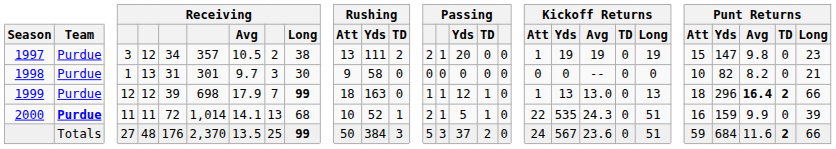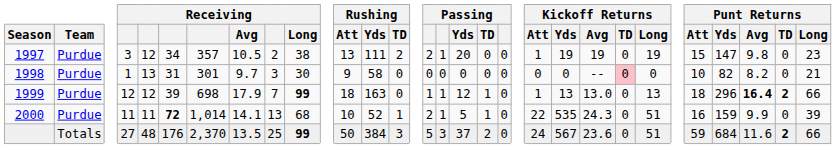 <table class="wikitable" style="text-align:center" id="Table3">
 <tr>
 <th colspan=2 style="background:#fff; border-color:#fff #fff #aaa #fff"> </th>
 <th rowspan=99 style="background:#fff; border-color:#fff #aaa"> </th>
 <th colspan=7>Receiving</th>
 <th rowspan=99 style="background:#fff; border-color:#fff #aaa"> </th>
 <th colspan=3>Rushing</th>
 <th rowspan=99 style="background:#fff; border-color:#fff #aaa"> </th>
 <th colspan=5>Passing</th>
 <th rowspan=99 style="background:#fff; border-color:#fff #aaa"> </th>
 <th colspan=5>Kickoff Returns</th>
 <th rowspan=99 style="background:#fff; border-color:#fff #aaa"> </th>
 <th colspan=5>Punt Returns</th>
 </tr>
 <tr>
 <th>Season</th>
 <th>Team</th>
 <th></th>
 <th></th>
 <th></th>
 <th></th>
 <th>Avg</th>
 <th></th>
 <th>Long</th>
 <th>Att</th>
 <th>Yds</th>
 <th>TD</th>
 <th></th>
 <th></th>
 <th>Yds</th>
 <th>TD</th>
 <th></th>
 <th>Att</th>
 <th>Yds</th>
 <th>Avg</th>
 <th>TD</th>
 <th>Long</th>
 <th>Att</th>
 <th>Yds</th>
 <th>Avg</th>
 <th>TD</th>
 <th>Long</th>
 </tr>
 <tr>
 <td><a href='#'>1997</a></td>
 <td><a href='#'>Purdue</a></td>
 <td>3</td>
 <td>12</td>
 <td>34</td>
 <td>357</td>
 <td>10.5</td>
 <td>2</td>
 <td>38</td>
 <td>13</td>
 <td>111</td>
 <td>2</td>
 <td>2</td>
 <td>1</td>
 <td>20</td>
 <td>0</td>
 <td>0</td>
 <td>1</td>
 <td>19</td>
 <td>19</td>
 <td>0</td>
 <td>19</td>
 <td>15</td>
 <td>147</td>
 <td>9.8</td>
 <td>0</td>
 <td>23</td>
 </tr>
 <tr>
 <td><a href='#'>1998</a></td>
 <td><a href='#'>Purdue</a></td>
 <td>1</td>
 <td>13</td>
 <td>31</td>
 <td>301</td>
 <td>9.7</td>
 <td>3</td>
 <td>30</td>
 <td>9</td>
 <td>58</td>
 <td>0</td>
 <td>0</td>
 <td>0</td>
 <td>0</td>
 <td>0</td>
 <td>0</td>
 <td>0</td>
 <td>0</td>
 <td>--</td>
-<td>0</td>
+<td style="background: pink;">0</td>
 <td>0</td>
 <td>10</td>
 <td>82</td>
 <td>8.2</td>
 <td>0</td>
 <td>21</td>
 </tr>
 <tr>
 <td><a href='#'>1999</a></td>
 <td><a href='#'>Purdue</a></td>
 <td>12</td>
 <td>12</td>
 <td>39</td>
 <td>698</td>
 <td>17.9</td>
 <td>7</td>
 <td><strong>99</strong></td>
 <td>18</td>
 <td>163</td>
 <td>0</td>
 <td>1</td>
 <td>1</td>
 <td>12</td>
 <td>1</td>
 <td>0</td>
 <td>1</td>
 <td>13</td>
 <td>13.0</td>
 <td>0</td>
 <td>13</td>
 <td>18</td>
 <td>296</td>
 <td><strong>16.4</strong></td>
 <td><strong>2</strong></td>
 <td>66</td>
 </tr>
 <tr>
 <td><a href='#'>2000</a></td>
-<td><strong><a href='#'>Purdue</a></strong></td>
+<td><a href='#'>Purdue</a></td>
 <td>11</td>
 <td>11</td>
-<td>72</td>
+<td><strong>72</strong></td>
 <td>1,014</td>
 <td>14.1</td>
 <td>13</td>
 <td>68</td>
 <td>10</td>
 <td>52</td>
 <td>1</td>
 <td>2</td>
 <td>1</td>
 <td>5</td>
 <td>1</td>
 <td>0</td>
 <td>22</td>
 <td>535</td>
 <td>24.3</td>
 <td>0</td>
 <td>51</td>
 <td>16</td>
 <td>159</td>
 <td>9.9</td>
 <td>0</td>
 <td>39</td>
 </tr>
 <tr style="background:#f0f0f0;">
 <td></td>
 <td>Totals</td>
 <td>27</td>
 <td>48</td>
 <td>176</td>
 <td>2,370</td>
 <td>13.5</td>
 <td>25</td>
 <td><strong>99</strong></td>
 <td>50</td>
 <td>384</td>
 <td>3</td>
 <td>5</td>
 <td>3</td>
 <td>37</td>
 <td>2</td>
 <td>0</td>
 <td>24</td>
 <td>567</td>
 <td>23.6</td>
 <td>0</td>
 <td>51</td>
 <td>59</td>
 <td>684</td>
 <td>11.6</td>
 <td><strong>2</strong></td>
 <td>66</td>
 </tr>
 </table>
